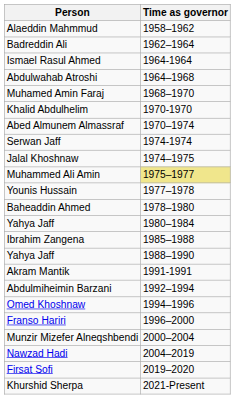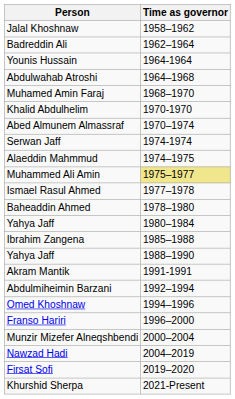 <table class="wikitable">
 <tr>
 <th>Person</th>
 <th>Time as governor</th>
 </tr>
 <tr>
-<td>Alaeddin Mahmmud</td>
+<td>Jalal Khoshnaw</td>
 <td>1958–1962</td>
 </tr>
 <tr>
 <td>Badreddin Ali</td>
 <td>1962–1964</td>
 </tr>
 <tr>
-<td>Ismael Rasul Ahmed</td>
+<td>Younis Hussain</td>
 <td>1964-1964</td>
 </tr>
 <tr>
 <td>Abdulwahab Atroshi</td>
 <td>1964–1968</td>
 </tr>
 <tr>
 <td>Muhamed Amin Faraj</td>
 <td>1968–1970</td>
 </tr>
 <tr>
 <td>Khalid Abdulhelim</td>
 <td>1970-1970</td>
 </tr>
 <tr>
 <td>Abed Almunem Almassraf</td>
 <td>1970–1974</td>
 </tr>
 <tr>
 <td>Serwan Jaff</td>
 <td>1974-1974</td>
 </tr>
 <tr>
-<td>Jalal Khoshnaw</td>
+<td>Alaeddin Mahmmud</td>
 <td>1974–1975</td>
 </tr>
 <tr>
 <td>Muhammed Ali Amin</td>
 <td style="background: khaki;">1975–1977</td>
 </tr>
 <tr>
-<td>Younis Hussain</td>
+<td>Ismael Rasul Ahmed</td>
 <td>1977–1978</td>
 </tr>
 <tr>
 <td>Baheaddin Ahmed</td>
 <td>1978–1980</td>
 </tr>
 <tr>
 <td>Yahya Jaff</td>
 <td>1980–1984</td>
 </tr>
 <tr>
 <td>Ibrahim Zangena</td>
 <td>1985–1988</td>
 </tr>
 <tr>
 <td>Yahya Jaff</td>
 <td>1988–1990</td>
 </tr>
 <tr>
 <td>Akram Mantik</td>
 <td>1991-1991</td>
 </tr>
 <tr>
 <td>Abdulmiheimin Barzani</td>
 <td>1992–1994</td>
 </tr>
 <tr>
 <td><a href='#'>Omed Khoshnaw</a></td>
 <td>1994–1996</td>
 </tr>
 <tr>
 <td><a href='#'>Franso Hariri</a></td>
 <td>1996–2000</td>
 </tr>
 <tr>
 <td>Munzir Mizefer Alneqshbendi</td>
 <td>2000–2004</td>
 </tr>
 <tr>
 <td><a href='#'>Nawzad Hadi</a></td>
 <td>2004–2019</td>
 </tr>
 <tr>
 <td><a href='#'>Firsat Sofi</a></td>
 <td>2019–2020</td>
 </tr>
 <tr>
 <td>Khurshid Sherpa</td>
 <td>2021-Present</td>
 </tr>
 </table>
